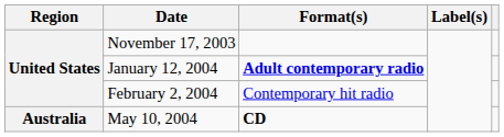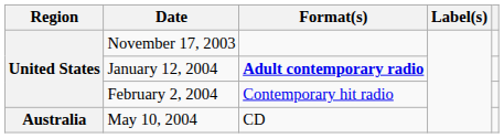 <table class="wikitable plainrowheaders">
 <tr>
 <th scope="col">Region</th>
 <th scope="col">Date</th>
 <th scope="col">Format(s)</th>
 <th scope="col">Label(s)</th>
 <th scope="col"></th>
 </tr>
 <tr>
 <th scope="row" rowspan="3">United States</th>
 <td>November 17, 2003</td>
 <td></td>
 <td rowspan="4"></td>
 <td></td>
 </tr>
 <tr>
 <td>January 12, 2004</td>
 <td><strong><a href='#'>Adult contemporary radio</a></strong></td>
 <td></td>
 </tr>
 <tr>
 <td>February 2, 2004</td>
 <td><a href='#'>Contemporary hit radio</a></td>
 <td></td>
 </tr>
 <tr>
 <th scope="row">Australia</th>
 <td>May 10, 2004</td>
-<td><strong>CD</strong></td>
+<td>CD</td>
 <td></td>
 </tr>
 </table>
